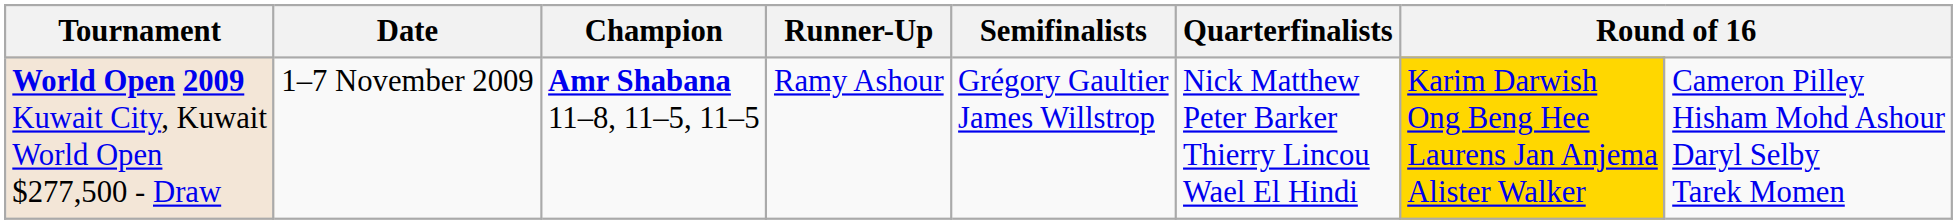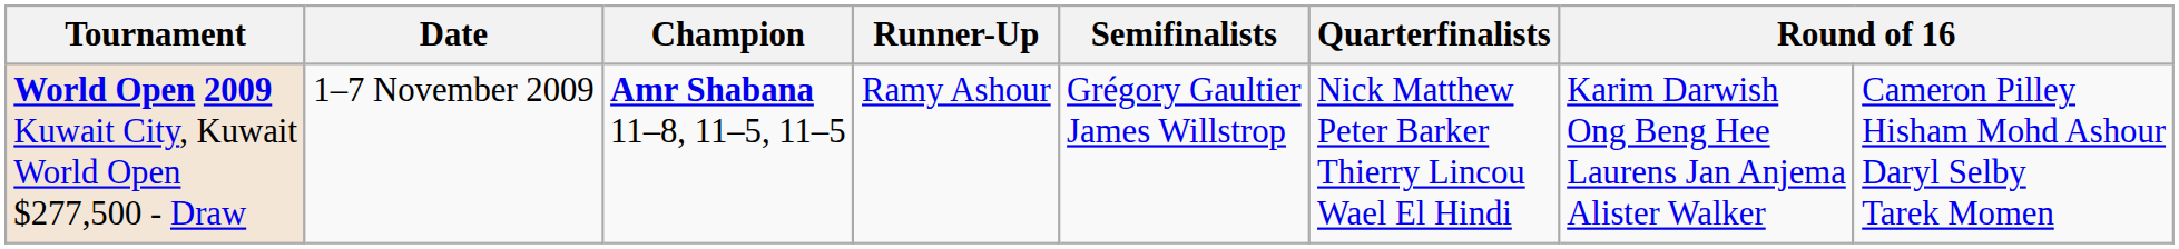 <table class="wikitable" style="font-size:88%">
 <tr>
 <th>Tournament</th>
 <th>Date</th>
 <th>Champion</th>
 <th>Runner-Up</th>
 <th>Semifinalists</th>
 <th>Quarterfinalists</th>
 <th colspan=2>Round of 16</th>
 </tr>
 <tr valign=top>
 <td style="background:#F3E6D7;"><strong><a href='#'>World Open</a> <a href='#'>2009</a></strong><br> <a href='#'>Kuwait City</a>, Kuwait<br><a href='#'>World Open</a><br>$277,500 - <a href='#'>Draw</a></td>
 <td>1–7 November 2009</td>
 <td> <strong><a href='#'>Amr Shabana</a></strong><br>11–8, 11–5, 11–5</td>
 <td> <a href='#'>Ramy Ashour</a></td>
 <td> <a href='#'>Grégory Gaultier</a><br> <a href='#'>James Willstrop</a></td>
 <td> <a href='#'>Nick Matthew</a><br> <a href='#'>Peter Barker</a><br> <a href='#'>Thierry Lincou</a><br> <a href='#'>Wael El Hindi</a></td>
-<td style="background: gold;"> <a href='#'>Karim Darwish</a><br> <a href='#'>Ong Beng Hee</a><br> <a href='#'>Laurens Jan Anjema</a><br> <a href='#'>Alister Walker</a></td>
+<td> <a href='#'>Karim Darwish</a><br> <a href='#'>Ong Beng Hee</a><br> <a href='#'>Laurens Jan Anjema</a><br> <a href='#'>Alister Walker</a></td>
 <td> <a href='#'>Cameron Pilley</a><br> <a href='#'>Hisham Mohd Ashour</a><br> <a href='#'>Daryl Selby</a><br> <a href='#'>Tarek Momen</a></td>
 </tr>
 </table>
